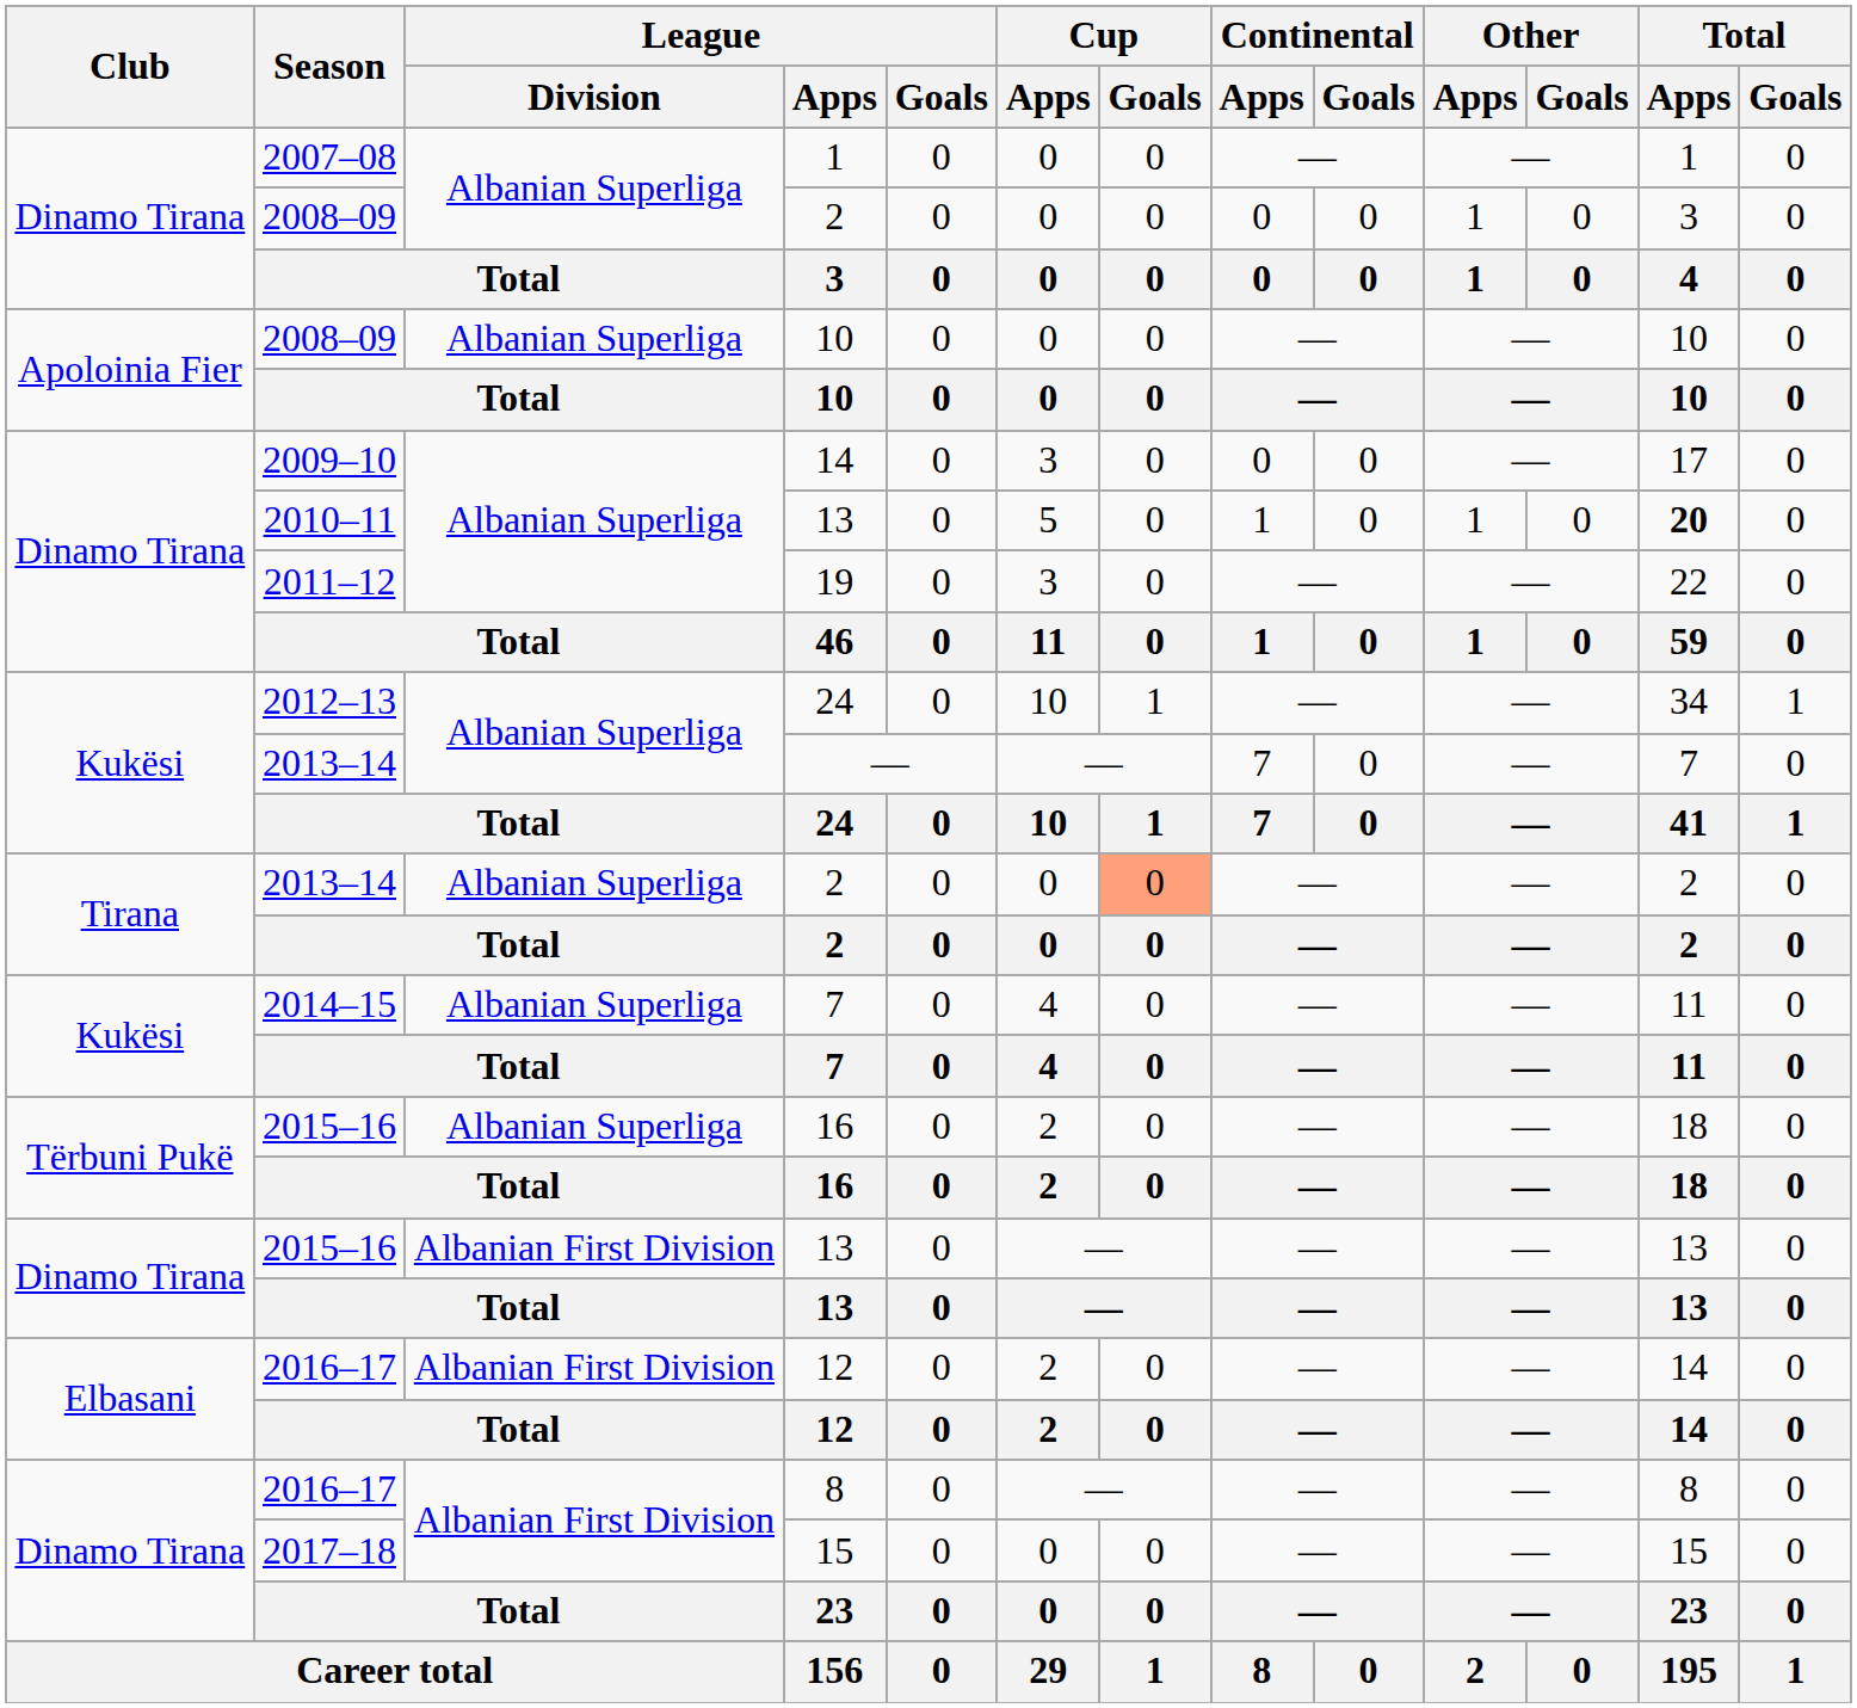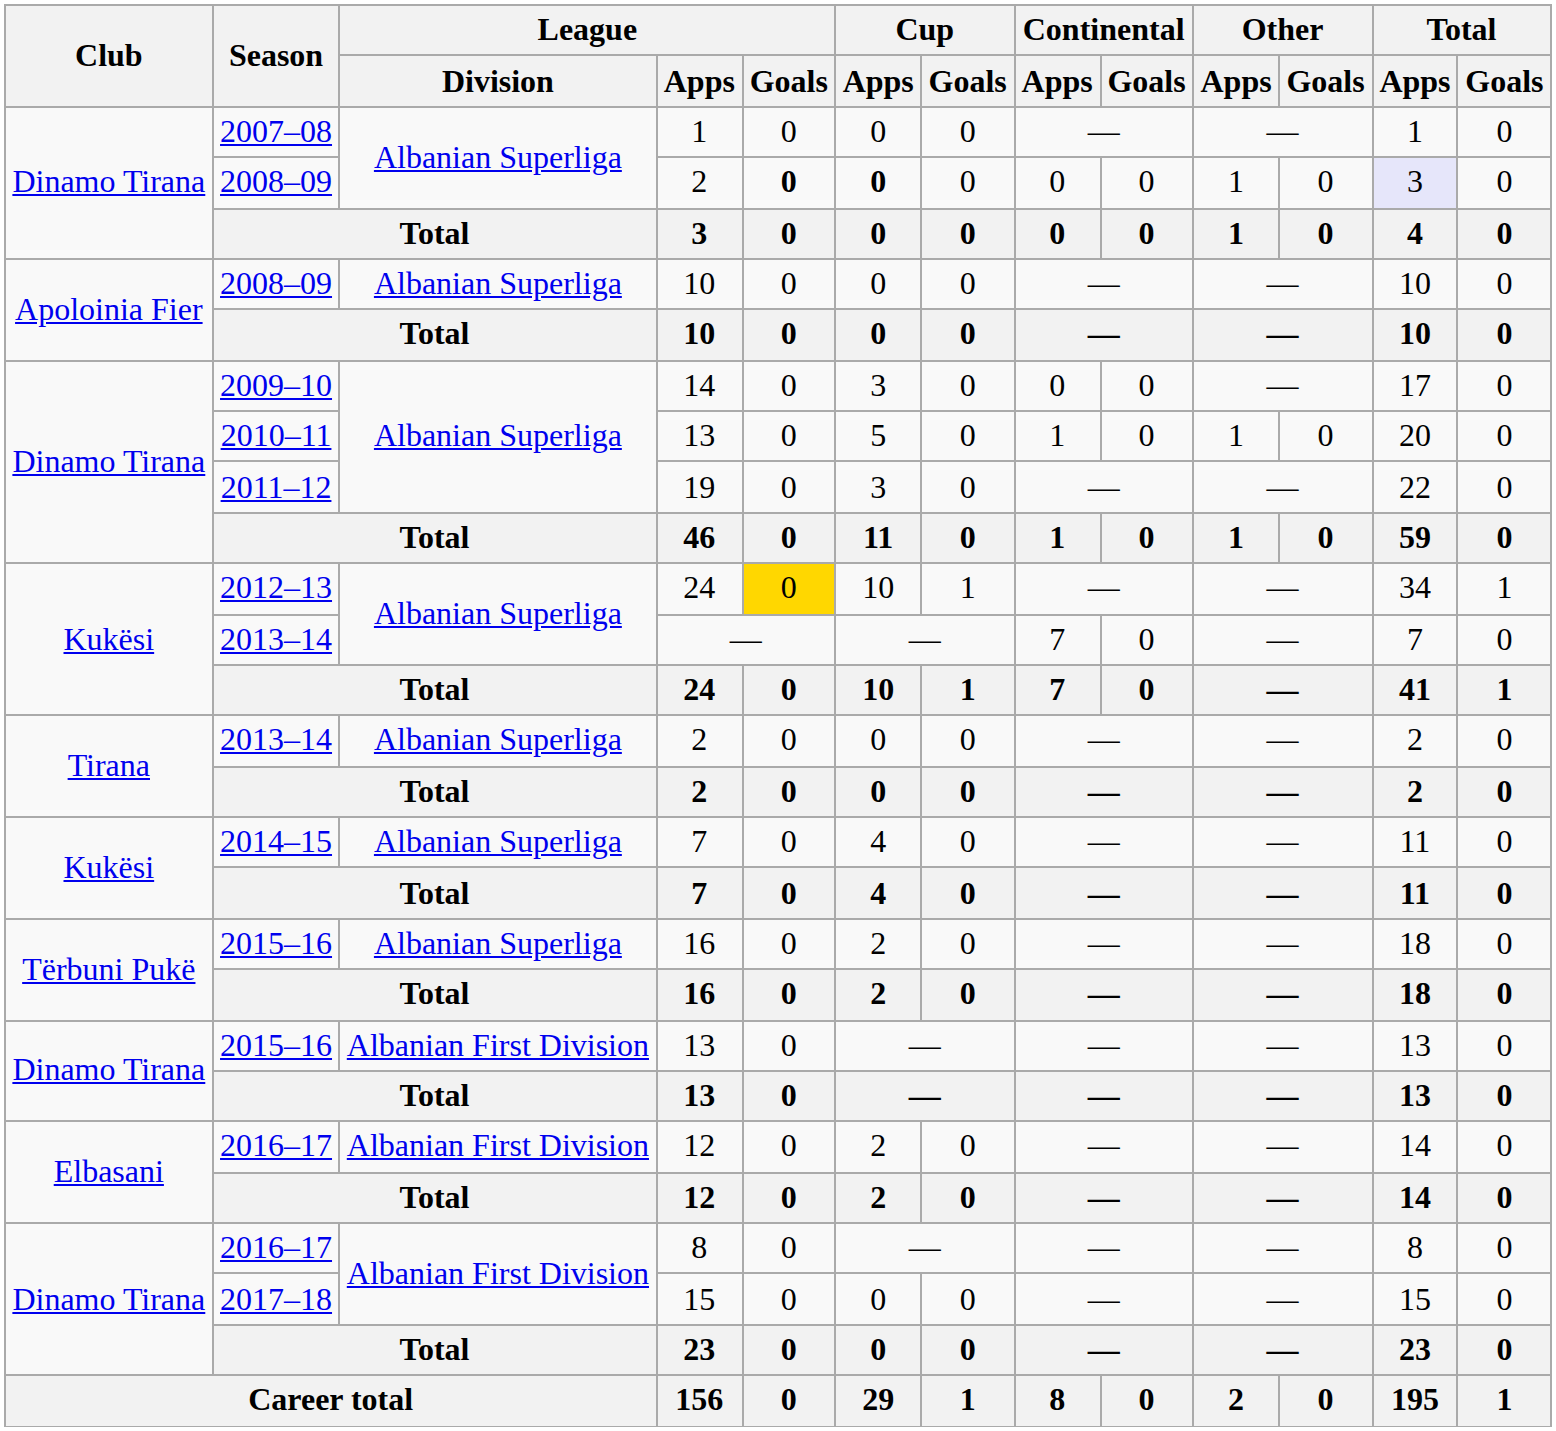 <table class="wikitable" style="text-align:center">
 <tr>
 <th rowspan="2">Club</th>
 <th rowspan="2">Season</th>
 <th colspan="3">League</th>
 <th colspan="2">Cup</th>
 <th colspan="2">Continental</th>
 <th colspan="2">Other</th>
 <th colspan="2">Total</th>
 </tr>
 <tr>
 <th>Division</th>
 <th>Apps</th>
 <th>Goals</th>
 <th>Apps</th>
 <th>Goals</th>
 <th>Apps</th>
 <th>Goals</th>
 <th>Apps</th>
 <th>Goals</th>
 <th>Apps</th>
 <th>Goals</th>
 </tr>
 <tr>
 <td rowspan="3"><a href='#'>Dinamo Tirana</a></td>
 <td><a href='#'>2007–08</a></td>
 <td rowspan="2"><a href='#'>Albanian Superliga</a></td>
 <td>1</td>
 <td>0</td>
 <td>0</td>
 <td>0</td>
 <td colspan="2">—</td>
 <td colspan="2">—</td>
 <td>1</td>
 <td>0</td>
 </tr>
 <tr>
 <td><a href='#'>2008–09</a></td>
 <td>2</td>
-<td>0</td>
-<td>0</td>
+<td><strong>0</strong></td>
+<td><strong>0</strong></td>
 <td>0</td>
 <td>0</td>
 <td>0</td>
 <td>1</td>
 <td>0</td>
-<td>3</td>
+<td style="background: lavender;">3</td>
 <td>0</td>
 </tr>
 <tr>
 <th colspan="2">Total</th>
 <th>3</th>
 <th>0</th>
 <th>0</th>
 <th>0</th>
 <th>0</th>
 <th>0</th>
 <th>1</th>
 <th>0</th>
 <th>4</th>
 <th>0</th>
 </tr>
 <tr>
 <td rowspan="2"><a href='#'>Apoloinia Fier</a></td>
 <td><a href='#'>2008–09</a></td>
 <td rowspan="1"><a href='#'>Albanian Superliga</a></td>
 <td>10</td>
 <td>0</td>
 <td>0</td>
 <td>0</td>
 <td colspan="2">—</td>
 <td colspan="2">—</td>
 <td>10</td>
 <td>0</td>
 </tr>
 <tr>
 <th colspan="2">Total</th>
 <th>10</th>
 <th>0</th>
 <th>0</th>
 <th>0</th>
 <th colspan="2">—</th>
 <th colspan="2">—</th>
 <th>10</th>
 <th>0</th>
 </tr>
 <tr>
 <td rowspan="4"><a href='#'>Dinamo Tirana</a></td>
 <td><a href='#'>2009–10</a></td>
 <td rowspan="3"><a href='#'>Albanian Superliga</a></td>
 <td>14</td>
 <td>0</td>
 <td>3</td>
 <td>0</td>
 <td>0</td>
 <td>0</td>
 <td colspan="2">—</td>
 <td>17</td>
 <td>0</td>
 </tr>
 <tr>
 <td><a href='#'>2010–11</a></td>
 <td>13</td>
 <td>0</td>
 <td>5</td>
 <td>0</td>
 <td>1</td>
 <td>0</td>
 <td>1</td>
 <td>0</td>
-<td><strong>20</strong></td>
+<td>20</td>
 <td>0</td>
 </tr>
 <tr>
 <td><a href='#'>2011–12</a></td>
 <td>19</td>
 <td>0</td>
 <td>3</td>
 <td>0</td>
 <td colspan="2">—</td>
 <td colspan="2">—</td>
 <td>22</td>
 <td>0</td>
 </tr>
 <tr>
 <th colspan="2">Total</th>
 <th>46</th>
 <th>0</th>
 <th>11</th>
 <th>0</th>
 <th>1</th>
 <th>0</th>
 <th>1</th>
 <th>0</th>
 <th>59</th>
 <th>0</th>
 </tr>
 <tr>
 <td rowspan="3"><a href='#'>Kukësi</a></td>
 <td><a href='#'>2012–13</a></td>
 <td rowspan="2"><a href='#'>Albanian Superliga</a></td>
 <td>24</td>
-<td>0</td>
+<td style="background: gold;">0</td>
 <td>10</td>
 <td>1</td>
 <td colspan="2">—</td>
 <td colspan="2">—</td>
 <td>34</td>
 <td>1</td>
 </tr>
 <tr>
 <td><a href='#'>2013–14</a></td>
 <td colspan="2">—</td>
 <td colspan="2">—</td>
 <td>7</td>
 <td>0</td>
 <td colspan="2">—</td>
 <td>7</td>
 <td>0</td>
 </tr>
 <tr>
 <th colspan="2">Total</th>
 <th>24</th>
 <th>0</th>
 <th>10</th>
 <th>1</th>
 <th>7</th>
 <th>0</th>
 <th colspan="2">—</th>
 <th>41</th>
 <th>1</th>
 </tr>
 <tr>
 <td rowspan="2"><a href='#'>Tirana</a></td>
 <td><a href='#'>2013–14</a></td>
 <td rowspan="1"><a href='#'>Albanian Superliga</a></td>
 <td>2</td>
 <td>0</td>
 <td>0</td>
-<td style="background: lightsalmon;">0</td>
+<td>0</td>
 <td colspan="2">—</td>
 <td colspan="2">—</td>
 <td>2</td>
 <td>0</td>
 </tr>
 <tr>
 <th colspan="2">Total</th>
 <th>2</th>
 <th>0</th>
 <th>0</th>
 <th>0</th>
 <th colspan="2">—</th>
 <th colspan="2">—</th>
 <th>2</th>
 <th>0</th>
 </tr>
 <tr>
 <td rowspan="2"><a href='#'>Kukësi</a></td>
 <td><a href='#'>2014–15</a></td>
 <td rowspan="1"><a href='#'>Albanian Superliga</a></td>
 <td>7</td>
 <td>0</td>
 <td>4</td>
 <td>0</td>
 <td colspan="2">—</td>
 <td colspan="2">—</td>
 <td>11</td>
 <td>0</td>
 </tr>
 <tr>
 <th colspan="2">Total</th>
 <th>7</th>
 <th>0</th>
 <th>4</th>
 <th>0</th>
 <th colspan="2">—</th>
 <th colspan="2">—</th>
 <th>11</th>
 <th>0</th>
 </tr>
 <tr>
 <td rowspan="2"><a href='#'>Tërbuni Pukë</a></td>
 <td><a href='#'>2015–16</a></td>
 <td rowspan="1"><a href='#'>Albanian Superliga</a></td>
 <td>16</td>
 <td>0</td>
 <td>2</td>
 <td>0</td>
 <td colspan="2">—</td>
 <td colspan="2">—</td>
 <td>18</td>
 <td>0</td>
 </tr>
 <tr>
 <th colspan="2">Total</th>
 <th>16</th>
 <th>0</th>
 <th>2</th>
 <th>0</th>
 <th colspan="2">—</th>
 <th colspan="2">—</th>
 <th>18</th>
 <th>0</th>
 </tr>
 <tr>
 <td rowspan="2"><a href='#'>Dinamo Tirana</a></td>
 <td><a href='#'>2015–16</a></td>
 <td rowspan="1"><a href='#'>Albanian First Division</a></td>
 <td>13</td>
 <td>0</td>
 <td colspan="2">—</td>
 <td colspan="2">—</td>
 <td colspan="2">—</td>
 <td>13</td>
 <td>0</td>
 </tr>
 <tr>
 <th colspan="2">Total</th>
 <th>13</th>
 <th>0</th>
 <th colspan="2">—</th>
 <th colspan="2">—</th>
 <th colspan="2">—</th>
 <th>13</th>
 <th>0</th>
 </tr>
 <tr>
 <td rowspan="2"><a href='#'>Elbasani</a></td>
 <td><a href='#'>2016–17</a></td>
 <td rowspan="1"><a href='#'>Albanian First Division</a></td>
 <td>12</td>
 <td>0</td>
 <td>2</td>
 <td>0</td>
 <td colspan="2">—</td>
 <td colspan="2">—</td>
 <td>14</td>
 <td>0</td>
 </tr>
 <tr>
 <th colspan="2">Total</th>
 <th>12</th>
 <th>0</th>
 <th>2</th>
 <th>0</th>
 <th colspan="2">—</th>
 <th colspan="2">—</th>
 <th>14</th>
 <th>0</th>
 </tr>
 <tr>
 <td rowspan="3"><a href='#'>Dinamo Tirana</a></td>
 <td><a href='#'>2016–17</a></td>
 <td rowspan="2"><a href='#'>Albanian First Division</a></td>
 <td>8</td>
 <td>0</td>
 <td colspan="2">—</td>
 <td colspan="2">—</td>
 <td colspan="2">—</td>
 <td>8</td>
 <td>0</td>
 </tr>
 <tr>
 <td><a href='#'>2017–18</a></td>
 <td>15</td>
 <td>0</td>
 <td>0</td>
 <td>0</td>
 <td colspan="2">—</td>
 <td colspan="2">—</td>
 <td>15</td>
 <td>0</td>
 </tr>
 <tr>
 <th colspan="2">Total</th>
 <th>23</th>
 <th>0</th>
 <th>0</th>
 <th>0</th>
 <th colspan="2">—</th>
 <th colspan="2">—</th>
 <th>23</th>
 <th>0</th>
 </tr>
 <tr>
 <th colspan="3">Career total</th>
 <th>156</th>
 <th>0</th>
 <th>29</th>
 <th>1</th>
 <th>8</th>
 <th>0</th>
 <th>2</th>
 <th>0</th>
 <th>195</th>
 <th>1</th>
 </tr>
 </table>
